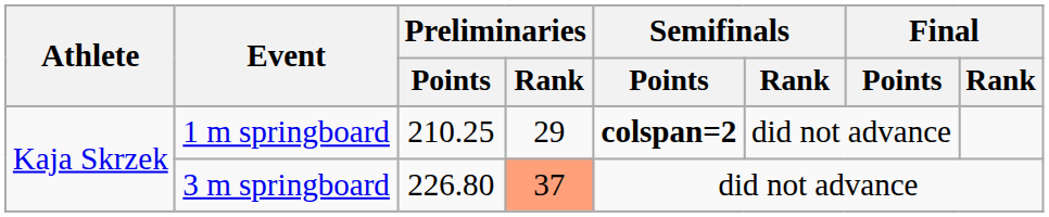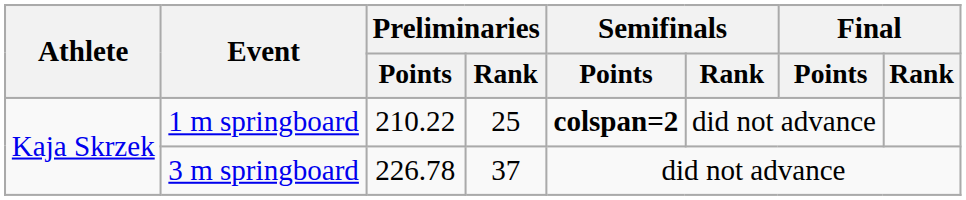 <table class=wikitable style="font-size:90%;">
 <tr>
 <th rowspan="2">Athlete</th>
 <th rowspan="2">Event</th>
 <th colspan="2">Preliminaries</th>
 <th colspan="2">Semifinals</th>
 <th colspan="2">Final</th>
 </tr>
 <tr style="font-size:95%">
 <th>Points</th>
 <th>Rank</th>
 <th>Points</th>
 <th>Rank</th>
 <th>Points</th>
 <th>Rank</th>
 </tr>
 <tr align=center>
 <td align=left rowspan=2><a href='#'>Kaja Skrzek</a></td>
 <td align=left><a href='#'>1 m springboard</a></td>
-<td>210.25</td>
-<td>29</td>
+<td>210.22</td>
+<td>25</td>
 <td><strong>colspan=2 </strong></td>
 <td colspan=2>did not advance</td>
 </tr>
 <tr align=center>
 <td align=left><a href='#'>3 m springboard</a></td>
-<td>226.80</td>
-<td style="background: lightsalmon;">37</td>
+<td>226.78</td>
+<td>37</td>
 <td colspan=4>did not advance</td>
 </tr>
 </table>
